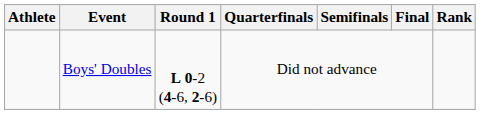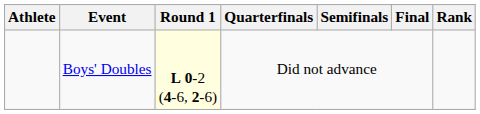 <table class=wikitable style="font-size:90%">
 <tr>
 <th>Athlete</th>
 <th>Event</th>
 <th>Round 1</th>
 <th>Quarterfinals</th>
 <th>Semifinals</th>
 <th>Final</th>
 <th>Rank</th>
 </tr>
 <tr>
 <td> <br></td>
 <td><a href='#'>Boys' Doubles</a></td>
-<td align=center><br><br><strong>L</strong> <strong>0</strong>-2<br> (<strong>4</strong>-6, <strong>2</strong>-6)</td>
+<td align=center style="background: lightyellow;"><br><br><strong>L</strong> <strong>0</strong>-2<br> (<strong>4</strong>-6, <strong>2</strong>-6)</td>
 <td colspan=3 align=center>Did not advance</td>
 <td align=center></td>
 </tr>
 </table>
